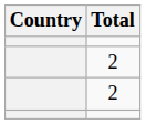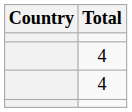 <table class="sortable wikitable plainrowheaders">
 <tr>
 <th scope="col">Country</th>
 <th scope="col">Total</th>
 </tr>
 <tr>
 <th scope="row"></th>
 <td align="center"></td>
 </tr>
 <tr>
 <th scope="row"></th>
-<td align="center">2</td>
+<td align="center">4</td>
 </tr>
 <tr>
 <th scope="row"></th>
-<td align="center">2</td>
+<td align="center">4</td>
 </tr>
 <tr>
 <th scope="row"></th>
 <td align="center"></td>
 </tr>
 </table>
